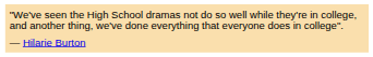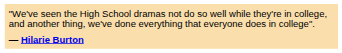 <table class="toccolours" style="float: left; margin-left: 1em; margin-right: 2em; font-size: 85%; background:#FADFAD; color:black; width:35em; max-width: 40%;" cellspacing="5">
 <tr>
 <td style="text-align: left;">"We've seen the High School dramas not do so well while they're in college, and another thing, we've done everything that everyone does in college".</td>
 </tr>
 <tr>
-<td style="text-align: left;">— <a href='#'>Hilarie Burton</a></td>
+<td style="text-align: left;"><strong>— <a href='#'>Hilarie Burton</a></strong></td>
 </tr>
 </table>
